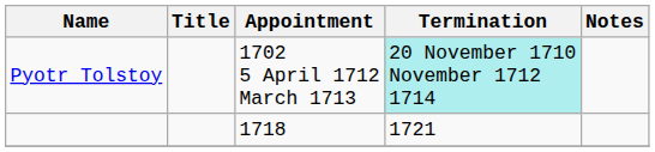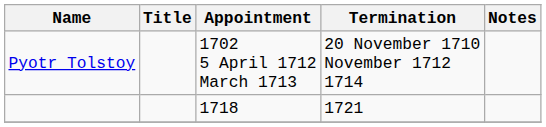 <table class="wikitable">
 <tr valign="middle">
 <th>Name</th>
 <th>Title</th>
 <th>Appointment</th>
 <th>Termination</th>
 <th>Notes</th>
 </tr>
 <tr>
 <td><a href='#'>Pyotr Tolstoy</a></td>
 <td></td>
 <td>1702<br>5 April 1712<br>March 1713</td>
-<td style="background: paleturquoise;">20 November 1710<br>November 1712<br>1714</td>
+<td>20 November 1710<br>November 1712<br>1714</td>
 <td></td>
 </tr>
 <tr>
 <td></td>
 <td></td>
 <td>1718</td>
 <td>1721</td>
 <td></td>
 </tr>
 <tr>
 </tr>
 </table>
